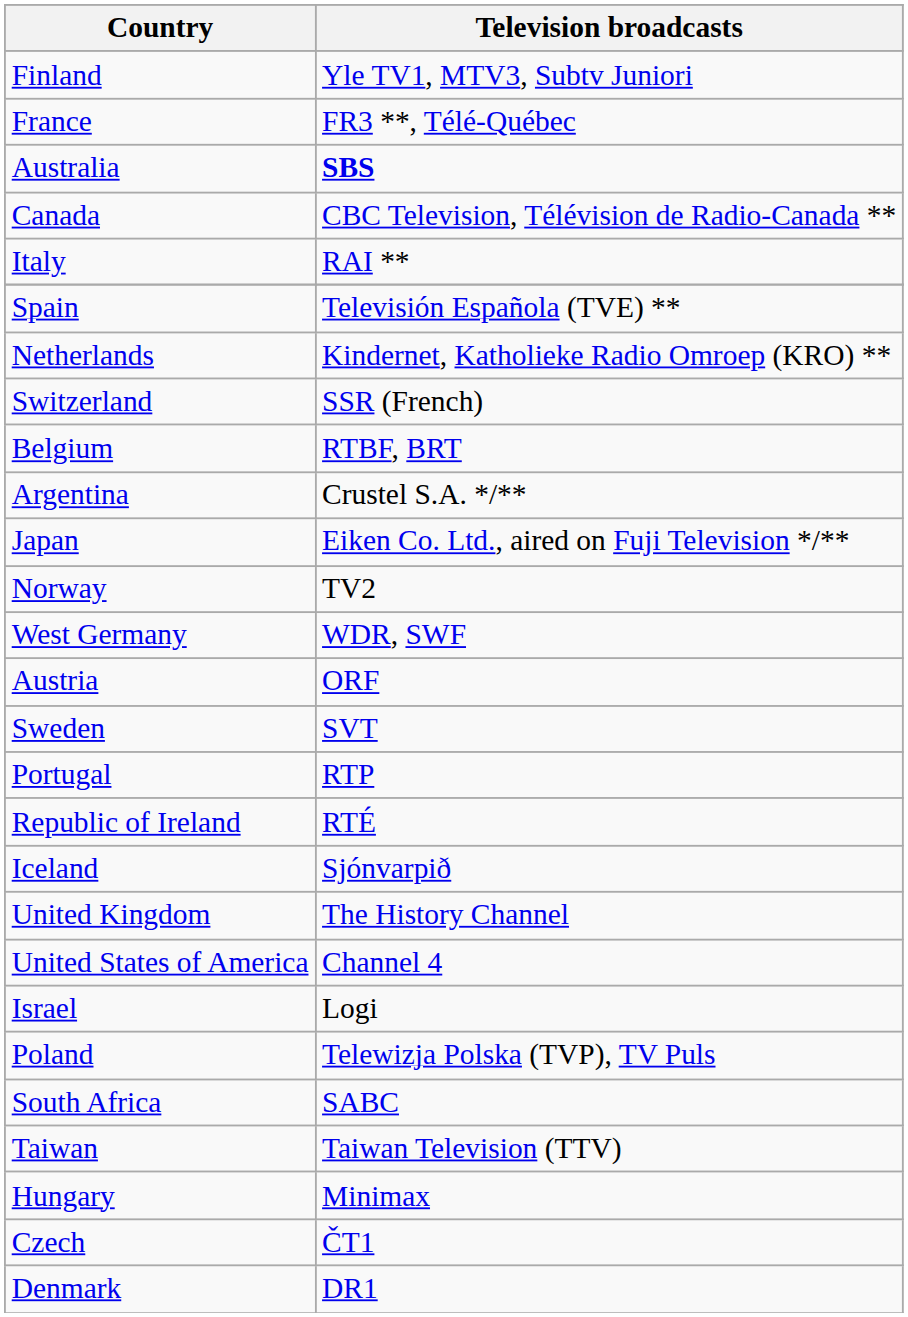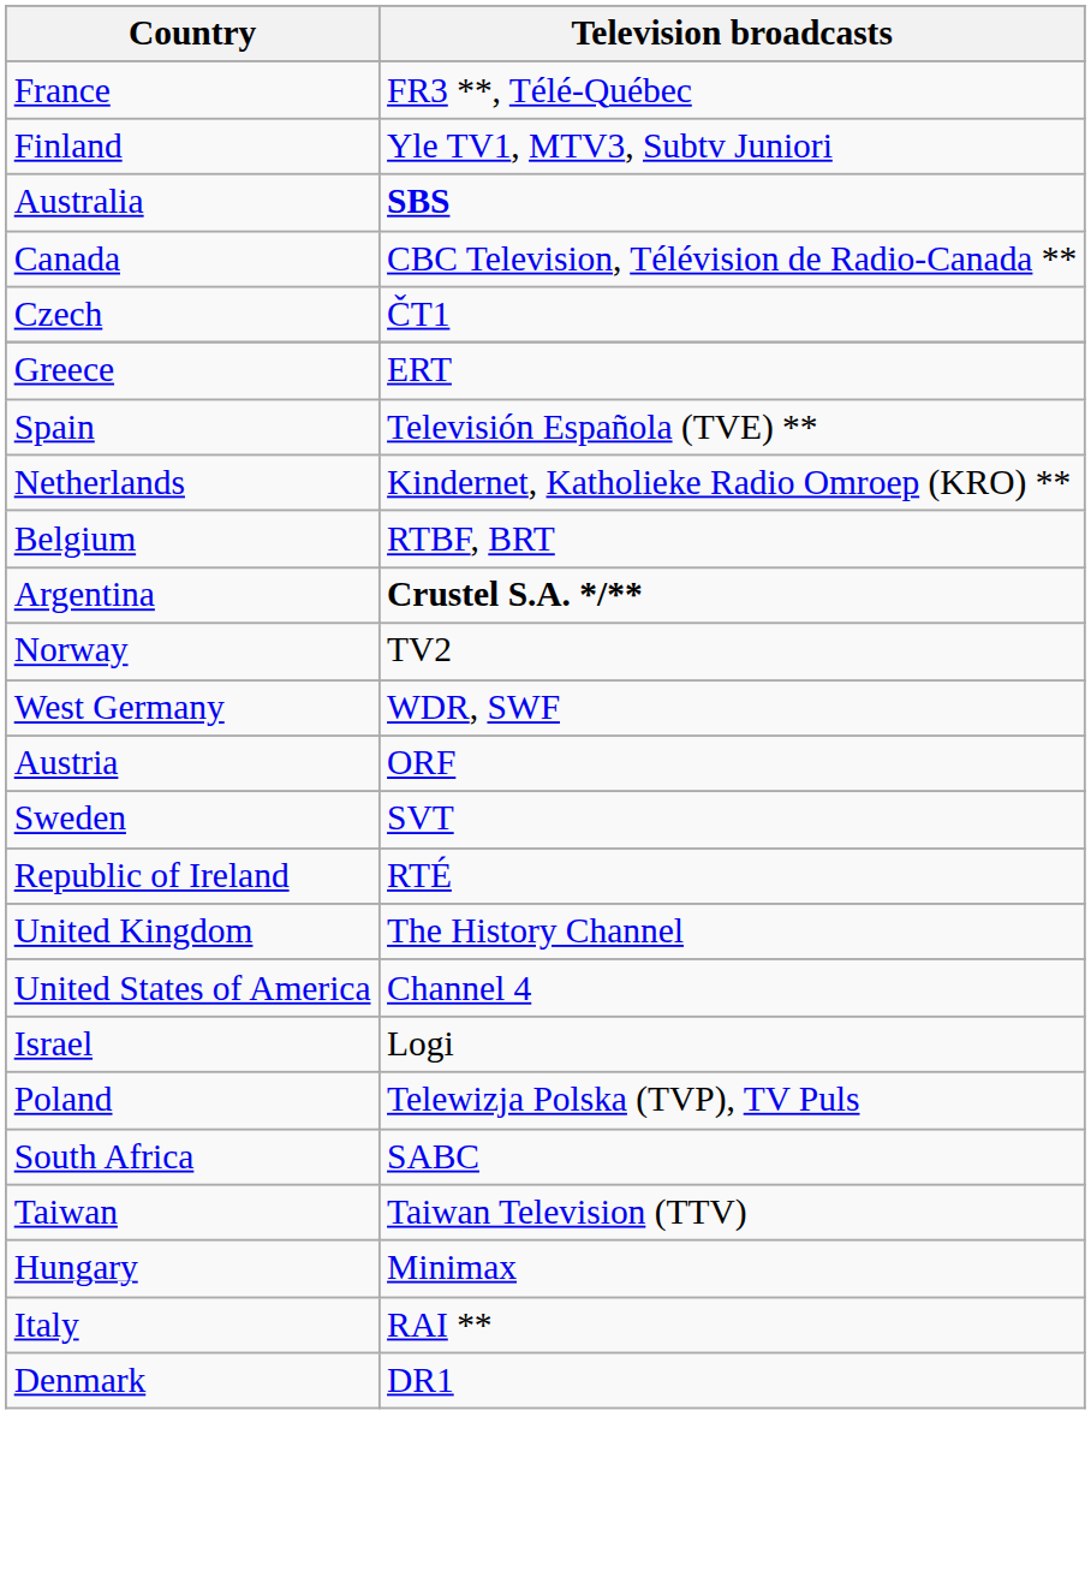 <table class="wikitable">
 <tr bgcolor="#CCCCCC">
 <th>Country</th>
 <th>Television broadcasts</th>
 </tr>
 <tr>
+<td> <a href='#'>France</a></td>
+<td><a href='#'>FR3</a> **, <a href='#'>Télé-Québec</a></td>
+</tr>
+<tr>
 <td> <a href='#'>Finland</a></td>
 <td><a href='#'>Yle TV1</a>, <a href='#'>MTV3</a>, <a href='#'>Subtv Juniori</a></td>
-</tr>
-<tr>
-<td> <a href='#'>France</a></td>
-<td><a href='#'>FR3</a> **, <a href='#'>Télé-Québec</a></td>
 </tr>
 <tr>
 <td> <a href='#'>Australia</a></td>
 <td><strong><a href='#'>SBS</a></strong></td>
 </tr>
 <tr>
 <td> <a href='#'>Canada</a></td>
 <td><a href='#'>CBC Television</a>, <a href='#'>Télévision de Radio-Canada</a> **</td>
 </tr>
 <tr>
-<td> <a href='#'>Italy</a></td>
-<td><a href='#'>RAI</a> **</td>
+<td> <a href='#'>Czech</a></td>
+<td><a href='#'>ČT1</a></td>
 </tr>
 <tr>
+</tr>
+<tr>
+<td> <a href='#'>Greece</a></td>
+<td><a href='#'>ERT</a></td>
 </tr>
 <tr>
 <td> <a href='#'>Spain</a></td>
 <td><a href='#'>Televisión Española</a> (TVE) **</td>
 </tr>
 <tr>
 <td> <a href='#'>Netherlands</a></td>
 <td><a href='#'>Kindernet</a>, <a href='#'>Katholieke Radio Omroep</a> (KRO) **</td>
 </tr>
 <tr>
-<td> <a href='#'>Switzerland</a></td>
-<td><a href='#'>SSR</a> (French)</td>
-</tr>
-<tr>
 <td> <a href='#'>Belgium</a></td>
 <td><a href='#'>RTBF</a>, <a href='#'>BRT</a></td>
 </tr>
 <tr>
 <td> <a href='#'>Argentina</a></td>
-<td>Crustel S.A. */**</td>
-</tr>
-<tr>
-<td> <a href='#'>Japan</a></td>
-<td><a href='#'>Eiken Co. Ltd.</a>, aired on <a href='#'>Fuji Television</a> */**</td>
+<td><strong>Crustel S.A. */**</strong></td>
 </tr>
 <tr>
 <td> <a href='#'>Norway</a></td>
 <td>TV2</td>
 </tr>
 <tr>
 <td> <a href='#'>West Germany</a></td>
 <td><a href='#'>WDR</a>, <a href='#'>SWF</a></td>
 </tr>
 <tr>
 <td> <a href='#'>Austria</a></td>
 <td><a href='#'>ORF</a></td>
 </tr>
 <tr>
 <td> <a href='#'>Sweden</a></td>
 <td><a href='#'>SVT</a></td>
 </tr>
 <tr>
-<td> <a href='#'>Portugal</a></td>
-<td><a href='#'>RTP</a></td>
-</tr>
-<tr>
 <td> <a href='#'>Republic of Ireland</a></td>
 <td><a href='#'>RTÉ</a></td>
-</tr>
-<tr>
-<td> <a href='#'>Iceland</a></td>
-<td><a href='#'>Sjónvarpið</a></td>
 </tr>
 <tr>
 <td> <a href='#'>United Kingdom</a></td>
 <td><a href='#'>The History Channel</a></td>
 </tr>
 <tr>
 <td> <a href='#'>United States of America</a></td>
 <td><a href='#'>Channel 4</a></td>
 </tr>
 <tr>
 <td> <a href='#'>Israel</a></td>
 <td>Logi</td>
 </tr>
 <tr>
 <td> <a href='#'>Poland</a></td>
 <td><a href='#'>Telewizja Polska</a> (TVP), <a href='#'>TV Puls</a></td>
 </tr>
 <tr>
 <td> <a href='#'>South Africa</a></td>
 <td><a href='#'>SABC</a></td>
 </tr>
 <tr>
 <td> <a href='#'>Taiwan</a></td>
 <td><a href='#'>Taiwan Television</a> (TTV)</td>
 </tr>
 <tr>
 <td> <a href='#'>Hungary</a></td>
 <td><a href='#'>Minimax</a></td>
 </tr>
 <tr>
-<td> <a href='#'>Czech</a></td>
-<td><a href='#'>ČT1</a></td>
+<td> <a href='#'>Italy</a></td>
+<td><a href='#'>RAI</a> **</td>
 </tr>
 <tr>
 <td> <a href='#'>Denmark</a></td>
 <td><a href='#'>DR1</a></td>
 </tr>
 </table>
